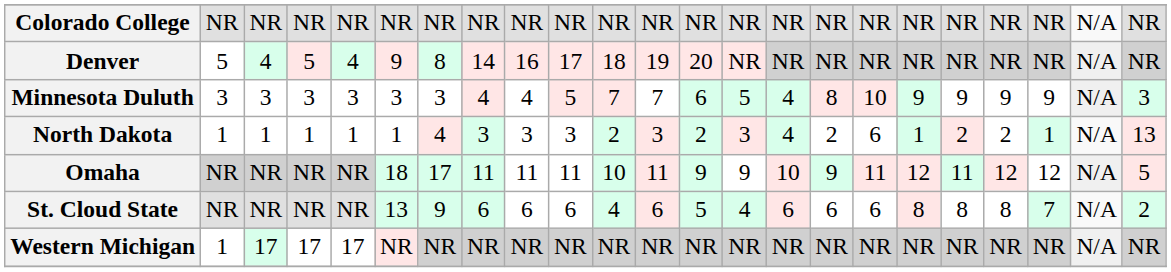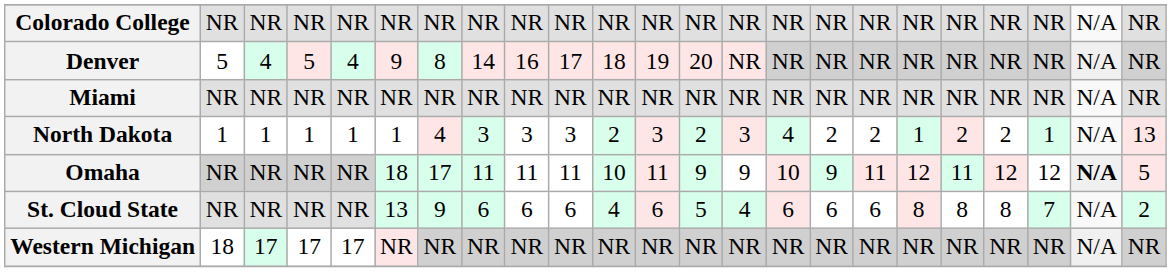 <table class="wikitable sortable" style="text-align: center;">
 <tr>
 </tr>
 <tr>
 <th>Colorado College</th>
 <td bgcolor=e0e0e0>NR</td>
 <td bgcolor=e0e0e0>NR</td>
 <td bgcolor=e0e0e0>NR</td>
 <td bgcolor=e0e0e0>NR</td>
 <td bgcolor=e0e0e0>NR</td>
 <td bgcolor=e0e0e0>NR</td>
 <td bgcolor=e0e0e0>NR</td>
 <td bgcolor=e0e0e0>NR</td>
 <td bgcolor=e0e0e0>NR</td>
 <td bgcolor=e0e0e0>NR</td>
 <td bgcolor=e0e0e0>NR</td>
 <td bgcolor=e0e0e0>NR</td>
 <td bgcolor=e0e0e0>NR</td>
 <td bgcolor=e0e0e0>NR</td>
 <td bgcolor=e0e0e0>NR</td>
 <td bgcolor=e0e0e0>NR</td>
 <td bgcolor=e0e0e0>NR</td>
 <td bgcolor=e0e0e0>NR</td>
 <td bgcolor=e0e0e0>NR</td>
 <td bgcolor=e0e0e0>NR</td>
 <td>N/A</td>
 <td bgcolor=e0e0e0>NR</td>
 </tr>
 <tr bgcolor=f0f0f0>
 <th>Denver</th>
 <td bgcolor=FFFFFF>5</td>
 <td bgcolor=D8FFEB>4</td>
 <td bgcolor=FFE6E6>5</td>
 <td bgcolor=D8FFEB>4</td>
 <td bgcolor=FFE6E6>9</td>
 <td bgcolor=D8FFEB>8</td>
 <td bgcolor=FFE6E6>14</td>
 <td bgcolor=FFE6E6>16</td>
 <td bgcolor=FFE6E6>17</td>
 <td bgcolor=FFE6E6>18</td>
 <td bgcolor=FFE6E6>19</td>
 <td bgcolor=FFE6E6>20</td>
 <td bgcolor=FFE6E6>NR</td>
 <td bgcolor=d0d0d0>NR</td>
 <td bgcolor=d0d0d0>NR</td>
 <td bgcolor=d0d0d0>NR</td>
 <td bgcolor=d0d0d0>NR</td>
 <td bgcolor=d0d0d0>NR</td>
 <td bgcolor=d0d0d0>NR</td>
 <td bgcolor=d0d0d0>NR</td>
 <td>N/A</td>
 <td bgcolor=d0d0d0>NR</td>
 </tr>
-<tr bgcolor=f0f0f0>
-<th>Minnesota Duluth</th>
-<td bgcolor=FFFFFF>3</td>
-<td bgcolor=FFFFFF>3</td>
-<td bgcolor=FFFFFF>3</td>
-<td bgcolor=FFFFFF>3</td>
-<td bgcolor=FFFFFF>3</td>
-<td bgcolor=FFFFFF>3</td>
-<td bgcolor=FFE6E6>4</td>
-<td bgcolor=FFFFFF>4</td>
-<td bgcolor=FFE6E6>5</td>
-<td bgcolor=FFE6E6>7</td>
-<td bgcolor=FFFFFF>7</td>
-<td bgcolor=D8FFEB>6</td>
-<td bgcolor=D8FFEB>5</td>
-<td bgcolor=D8FFEB>4</td>
-<td bgcolor=FFE6E6>8</td>
-<td bgcolor=FFE6E6>10</td>
-<td bgcolor=D8FFEB>9</td>
-<td bgcolor=FFFFFF>9</td>
-<td bgcolor=FFFFFF>9</td>
-<td bgcolor=FFFFFF>9</td>
+<tr>
+<th>Miami</th>
+<td bgcolor=e0e0e0>NR</td>
+<td bgcolor=e0e0e0>NR</td>
+<td bgcolor=e0e0e0>NR</td>
+<td bgcolor=e0e0e0>NR</td>
+<td bgcolor=e0e0e0>NR</td>
+<td bgcolor=e0e0e0>NR</td>
+<td bgcolor=e0e0e0>NR</td>
+<td bgcolor=e0e0e0>NR</td>
+<td bgcolor=e0e0e0>NR</td>
+<td bgcolor=e0e0e0>NR</td>
+<td bgcolor=e0e0e0>NR</td>
+<td bgcolor=e0e0e0>NR</td>
+<td bgcolor=e0e0e0>NR</td>
+<td bgcolor=e0e0e0>NR</td>
+<td bgcolor=e0e0e0>NR</td>
+<td bgcolor=e0e0e0>NR</td>
+<td bgcolor=e0e0e0>NR</td>
+<td bgcolor=e0e0e0>NR</td>
+<td bgcolor=e0e0e0>NR</td>
+<td bgcolor=e0e0e0>NR</td>
 <td>N/A</td>
-<td bgcolor=D8FFEB>3</td>
+<td bgcolor=e0e0e0>NR</td>
 </tr>
 <tr>
 <th>North Dakota</th>
 <td bgcolor=FFFFFF>1</td>
 <td bgcolor=FFFFFF>1</td>
 <td bgcolor=FFFFFF>1</td>
 <td bgcolor=FFFFFF>1</td>
 <td bgcolor=FFFFFF>1</td>
 <td bgcolor=FFE6E6>4</td>
 <td bgcolor=D8FFEB>3</td>
 <td bgcolor=FFFFFF>3</td>
 <td bgcolor=FFFFFF>3</td>
 <td bgcolor=D8FFEB>2</td>
 <td bgcolor=FFE6E6>3</td>
 <td bgcolor=D8FFEB>2</td>
 <td bgcolor=FFE6E6>3</td>
 <td bgcolor=D8FFEB>4</td>
 <td bgcolor=FFFFFF>2</td>
-<td bgcolor=FFFFFF>6</td>
+<td bgcolor=FFFFFF>2</td>
 <td bgcolor=D8FFEB>1</td>
 <td bgcolor=FFE6E6>2</td>
 <td bgcolor=FFFFFF>2</td>
 <td bgcolor=D8FFEB>1</td>
 <td>N/A</td>
 <td bgcolor=FFE6E6>13</td>
 </tr>
 <tr bgcolor=f0f0f0>
 <th>Omaha</th>
 <td bgcolor=d0d0d0>NR</td>
 <td bgcolor=d0d0d0>NR</td>
 <td bgcolor=d0d0d0>NR</td>
 <td bgcolor=d0d0d0>NR</td>
 <td bgcolor=D8FFEB>18</td>
 <td bgcolor=D8FFEB>17</td>
 <td bgcolor=D8FFEB>11</td>
 <td bgcolor=FFFFFF>11</td>
 <td bgcolor=FFFFFF>11</td>
 <td bgcolor=D8FFEB>10</td>
 <td bgcolor=FFE6E6>11</td>
 <td bgcolor=D8FFEB>9</td>
 <td bgcolor=FFFFFF>9</td>
 <td bgcolor=FFE6E6>10</td>
 <td bgcolor=D8FFEB>9</td>
 <td bgcolor=FFE6E6>11</td>
 <td bgcolor=FFE6E6>12</td>
 <td bgcolor=D8FFEB>11</td>
 <td bgcolor=FFE6E6>12</td>
 <td bgcolor=FFFFFF>12</td>
-<td>N/A</td>
+<td><strong>N/A</strong></td>
 <td bgcolor=FFE6E6>5</td>
 </tr>
 <tr>
 <th>St. Cloud State</th>
 <td bgcolor=e0e0e0>NR</td>
 <td bgcolor=e0e0e0>NR</td>
 <td bgcolor=e0e0e0>NR</td>
 <td bgcolor=e0e0e0>NR</td>
 <td bgcolor=D8FFEB>13</td>
 <td bgcolor=D8FFEB>9</td>
 <td bgcolor=D8FFEB>6</td>
 <td bgcolor=FFFFFF>6</td>
 <td bgcolor=FFFFFF>6</td>
 <td bgcolor=D8FFEB>4</td>
 <td bgcolor=FFE6E6>6</td>
 <td bgcolor=D8FFEB>5</td>
 <td bgcolor=D8FFEB>4</td>
 <td bgcolor=FFE6E6>6</td>
 <td bgcolor=FFFFFF>6</td>
 <td bgcolor=FFFFFF>6</td>
 <td bgcolor=FFE6E6>8</td>
 <td bgcolor=FFFFFF>8</td>
 <td bgcolor=FFFFFF>8</td>
 <td bgcolor=D8FFEB>7</td>
 <td>N/A</td>
 <td bgcolor=D8FFEB>2</td>
 </tr>
 <tr bgcolor=f0f0f0>
 <th>Western Michigan</th>
-<td bgcolor=FFFFFF>1</td>
+<td bgcolor=FFFFFF>18</td>
 <td bgcolor=D8FFEB>17</td>
 <td bgcolor=FFFFFF>17</td>
 <td bgcolor=FFFFFF>17</td>
 <td bgcolor=FFE6E6>NR</td>
 <td bgcolor=d0d0d0>NR</td>
 <td bgcolor=d0d0d0>NR</td>
 <td bgcolor=d0d0d0>NR</td>
 <td bgcolor=d0d0d0>NR</td>
 <td bgcolor=d0d0d0>NR</td>
 <td bgcolor=d0d0d0>NR</td>
 <td bgcolor=d0d0d0>NR</td>
 <td bgcolor=d0d0d0>NR</td>
 <td bgcolor=d0d0d0>NR</td>
 <td bgcolor=d0d0d0>NR</td>
 <td bgcolor=d0d0d0>NR</td>
 <td bgcolor=d0d0d0>NR</td>
 <td bgcolor=d0d0d0>NR</td>
 <td bgcolor=d0d0d0>NR</td>
 <td bgcolor=d0d0d0>NR</td>
 <td>N/A</td>
 <td bgcolor=d0d0d0>NR</td>
 </tr>
 <tr>
 </tr>
 </table>
